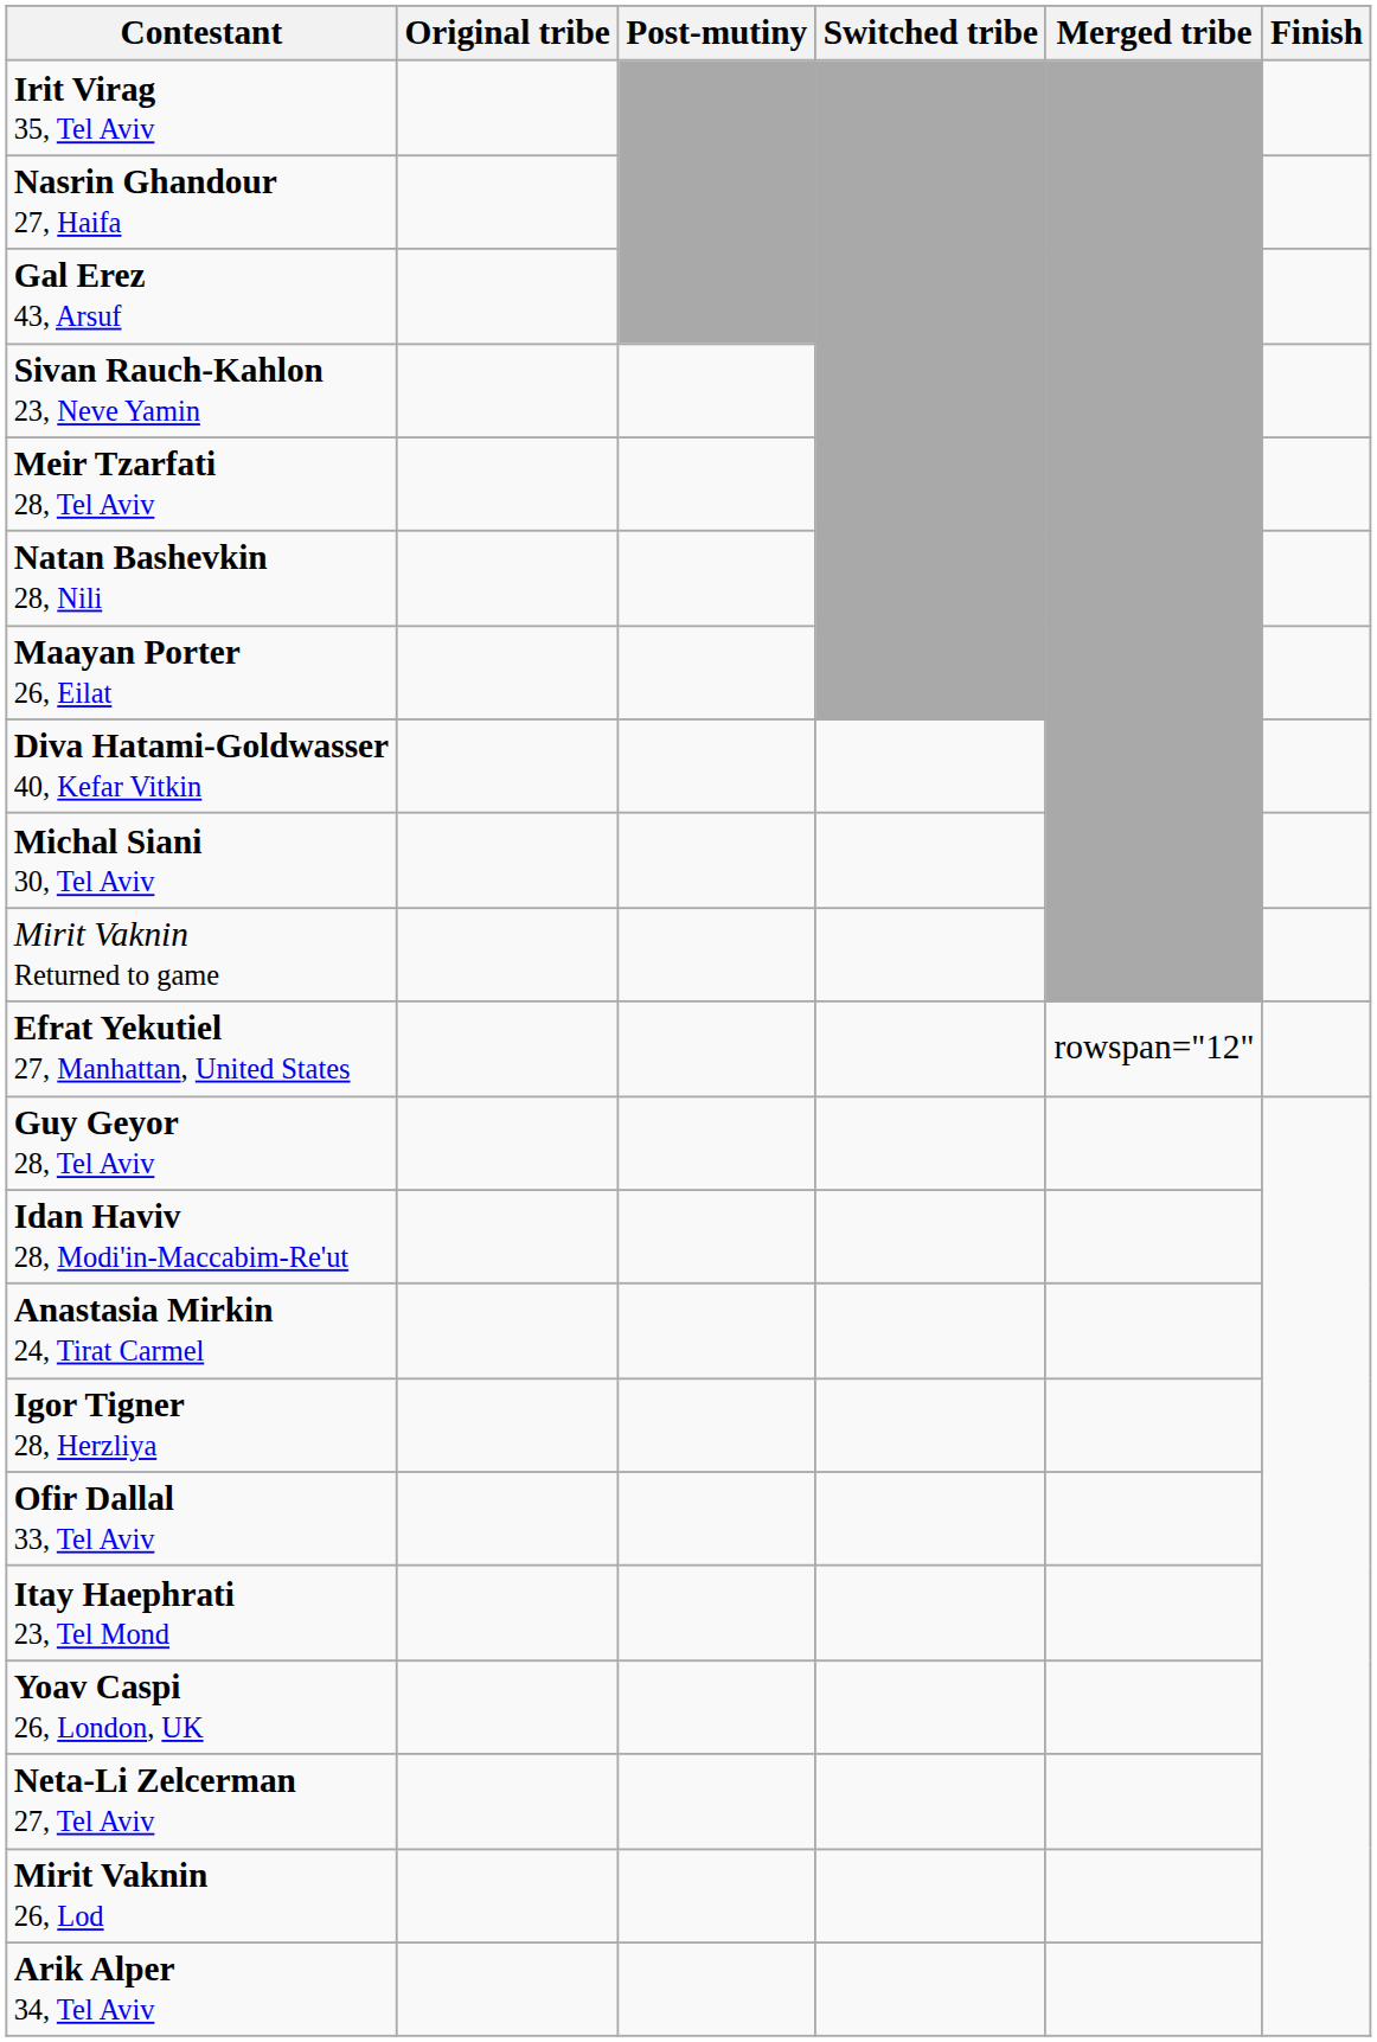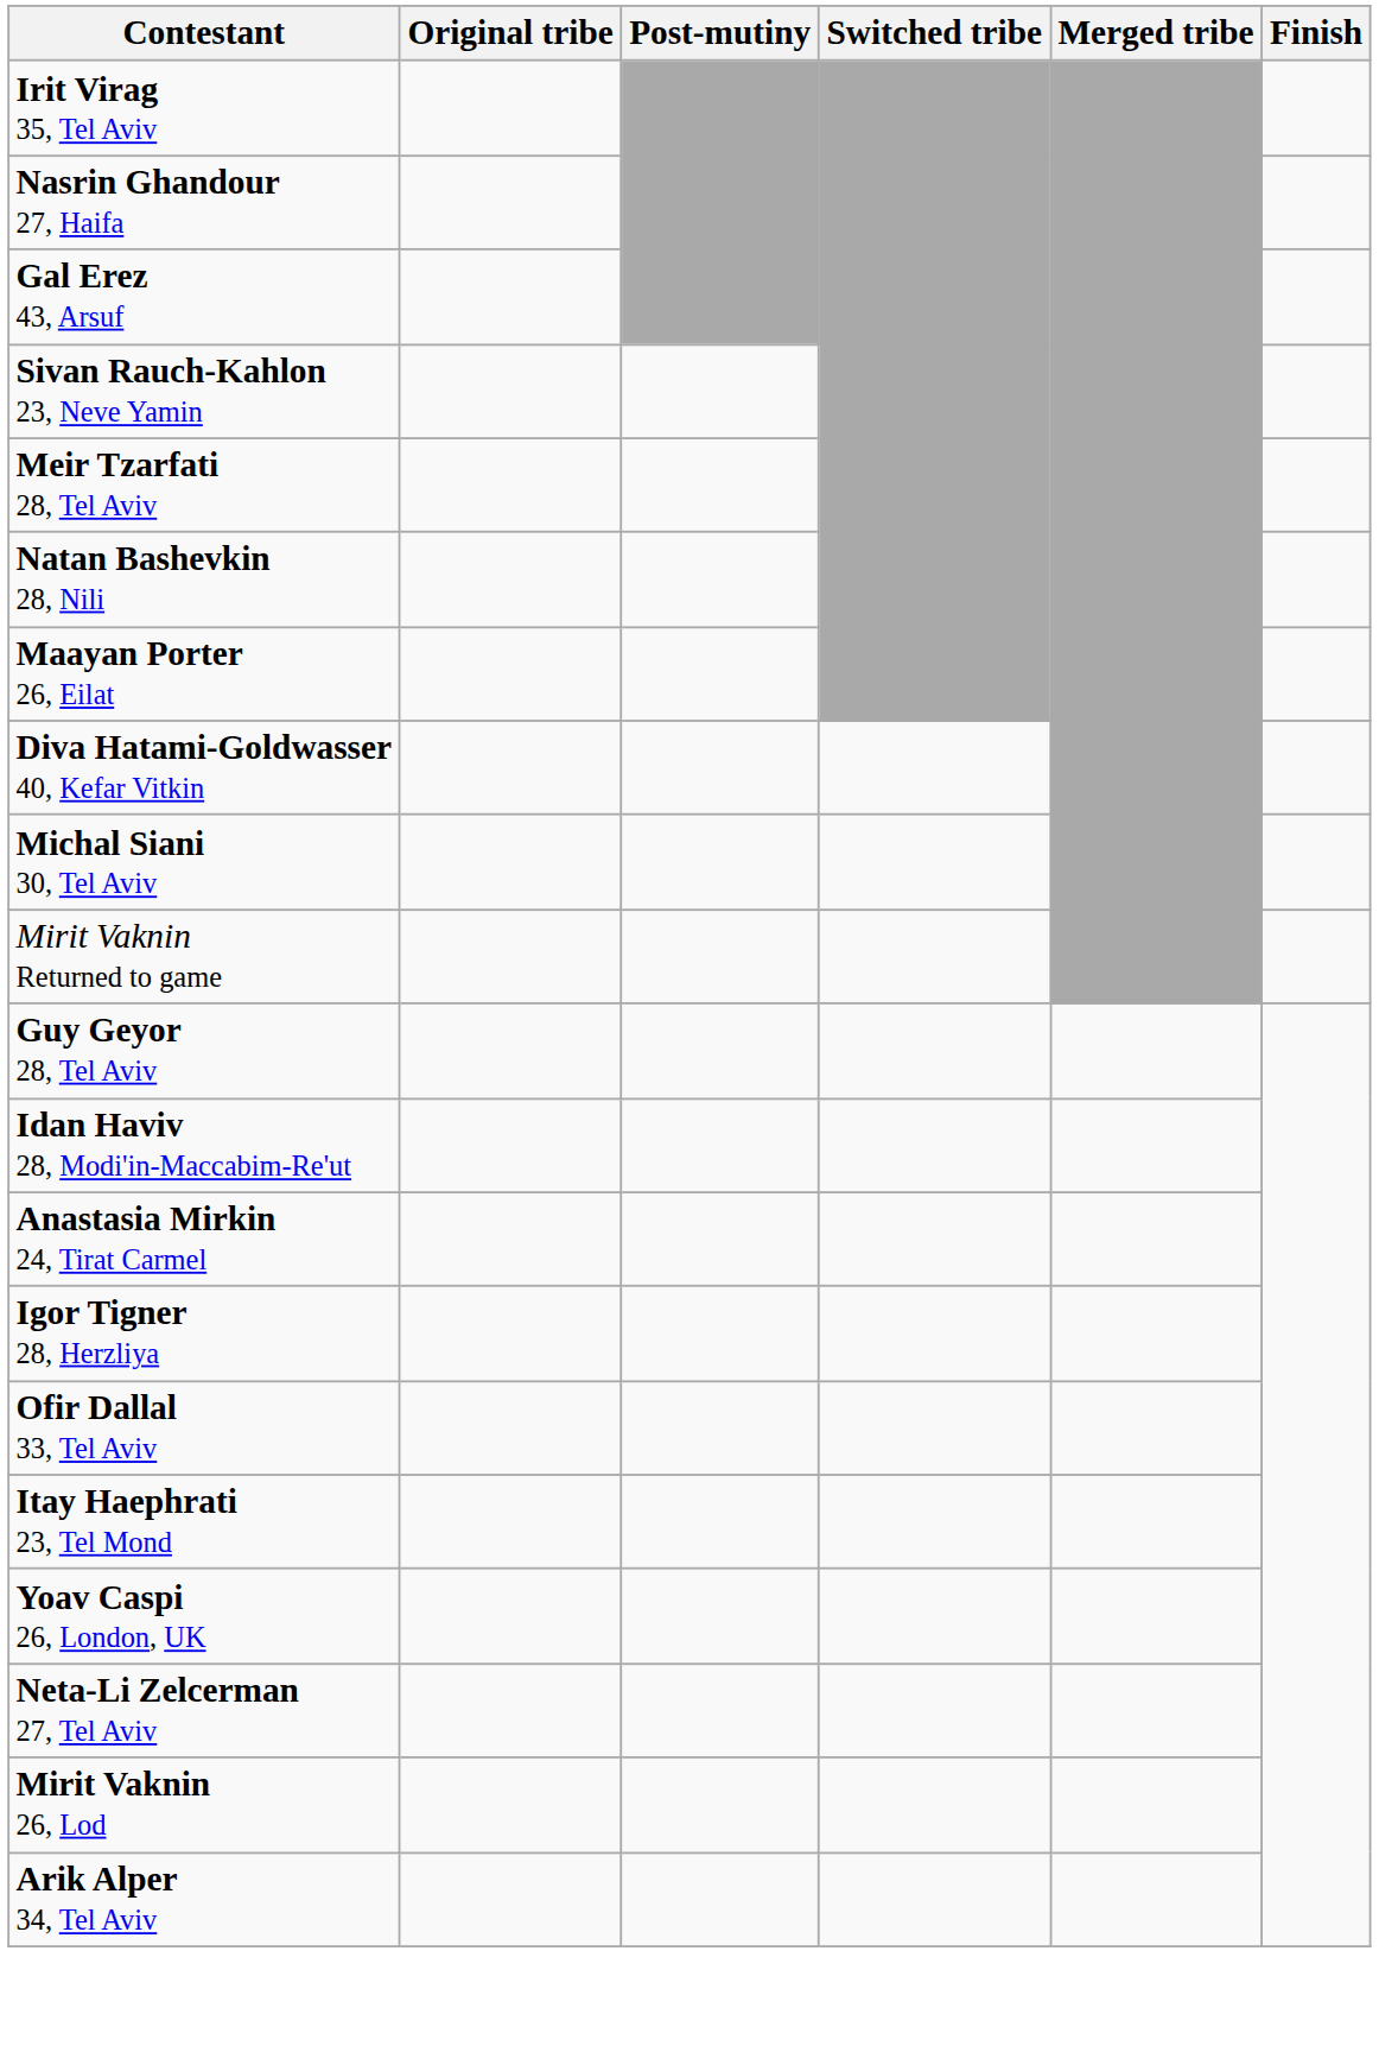 <table class="wikitable sortable nowrap" style="margin: auto; text-align: center;">
 <tr>
 <th>Contestant</th>
 <th>Original tribe</th>
 <th>Post-mutiny</th>
 <th>Switched tribe</th>
 <th>Merged tribe</th>
 <th>Finish</th>
 </tr>
 <tr>
 <td style="text-align: left;"><strong>Irit Virag</strong><br><small>35, <a href='#'>Tel Aviv</a></small></td>
 <td></td>
 <td rowspan=3 bgcolor=darkgray></td>
 <td rowspan=7 bgcolor=darkgray></td>
 <td rowspan=10 bgcolor=darkgray></td>
 <td></td>
 </tr>
 <tr>
 <td style="text-align: left;"><strong>Nasrin Ghandour</strong><br><small>27, <a href='#'>Haifa</a></small></td>
 <td></td>
 <td></td>
 </tr>
 <tr>
 <td style="text-align: left;"><strong>Gal Erez</strong><br><small>43, <a href='#'>Arsuf</a></small></td>
 <td></td>
 <td></td>
 </tr>
 <tr>
 <td style="text-align: left;"><strong>Sivan Rauch-Kahlon</strong><br><small>23, <a href='#'>Neve Yamin</a></small></td>
 <td></td>
 <td></td>
 <td></td>
 </tr>
 <tr>
 <td style="text-align: left;"><strong>Meir Tzarfati</strong><br><small>28, <a href='#'>Tel Aviv</a></small></td>
 <td></td>
 <td></td>
 <td></td>
 </tr>
 <tr>
 <td style="text-align: left;"><strong>Natan Bashevkin</strong><br><small>28, <a href='#'>Nili</a></small></td>
 <td></td>
 <td></td>
 <td></td>
 </tr>
 <tr>
 <td style="text-align: left;"><strong>Maayan Porter</strong><br><small>26, <a href='#'>Eilat</a></small></td>
 <td></td>
 <td></td>
 <td></td>
 </tr>
 <tr>
 <td style="text-align: left;"><strong>Diva Hatami-Goldwasser</strong><br><small>40, <a href='#'>Kefar Vitkin</a></small></td>
 <td></td>
 <td></td>
 <td></td>
 <td></td>
 </tr>
 <tr>
 <td style="text-align: left;"><strong>Michal Siani</strong><br><small>30, <a href='#'>Tel Aviv</a></small></td>
 <td></td>
 <td></td>
 <td></td>
 <td></td>
 </tr>
 <tr>
 <td style="text-align: left;"><em>Mirit Vaknin</em><br><small>Returned to game</small></td>
 <td></td>
 <td></td>
 <td></td>
 <td></td>
 </tr>
 <tr>
-<td style="text-align: left;"><strong>Efrat Yekutiel</strong><br><small>27, <a href='#'>Manhattan</a>, <a href='#'>United States</a></small></td>
-<td></td>
-<td></td>
-<td></td>
-<td>rowspan="12" </td>
-<td></td>
-</tr>
-<tr>
 <td style="text-align: left;"><strong>Guy Geyor</strong><br><small>28, <a href='#'>Tel Aviv</a></small></td>
 <td></td>
 <td></td>
 <td></td>
 <td></td>
 </tr>
 <tr>
 <td style="text-align: left;"><strong>Idan Haviv</strong><br><small>28, <a href='#'>Modi'in-Maccabim-Re'ut</a></small></td>
 <td></td>
 <td></td>
 <td></td>
 <td></td>
 </tr>
 <tr>
 <td style="text-align: left;"><strong>Anastasia Mirkin</strong><br><small>24, <a href='#'>Tirat Carmel</a></small></td>
 <td></td>
 <td></td>
 <td></td>
 <td></td>
 </tr>
 <tr>
 <td style="text-align: left;"><strong>Igor Tigner</strong><br><small>28, <a href='#'>Herzliya</a></small></td>
 <td></td>
 <td></td>
 <td></td>
 <td></td>
 </tr>
 <tr>
 <td style="text-align: left;"><strong>Ofir Dallal</strong><br><small>33, <a href='#'>Tel Aviv</a></small></td>
 <td></td>
 <td></td>
 <td></td>
 <td></td>
 </tr>
 <tr>
 <td style="text-align: left;"><strong>Itay Haephrati</strong><br><small>23, <a href='#'>Tel Mond</a></small></td>
 <td></td>
 <td></td>
 <td></td>
 <td></td>
 </tr>
 <tr>
 <td style="text-align: left;"><strong>Yoav Caspi</strong><br><small>26, <a href='#'>London</a>, <a href='#'>UK</a></small></td>
 <td></td>
 <td></td>
 <td></td>
 <td></td>
 </tr>
 <tr>
 <td style="text-align: left;"><strong>Neta-Li Zelcerman</strong><br><small>27, <a href='#'>Tel Aviv</a></small></td>
 <td></td>
 <td></td>
 <td></td>
 <td></td>
 </tr>
 <tr>
 <td style="text-align: left;"><strong>Mirit Vaknin</strong><br><small> 26, <a href='#'>Lod</a></small></td>
 <td></td>
 <td></td>
 <td></td>
 <td></td>
 </tr>
 <tr>
 <td style="text-align: left;"><strong>Arik Alper</strong><br><small>34, <a href='#'>Tel Aviv</a></small></td>
 <td></td>
 <td></td>
 <td></td>
 <td></td>
 </tr>
 </table>
